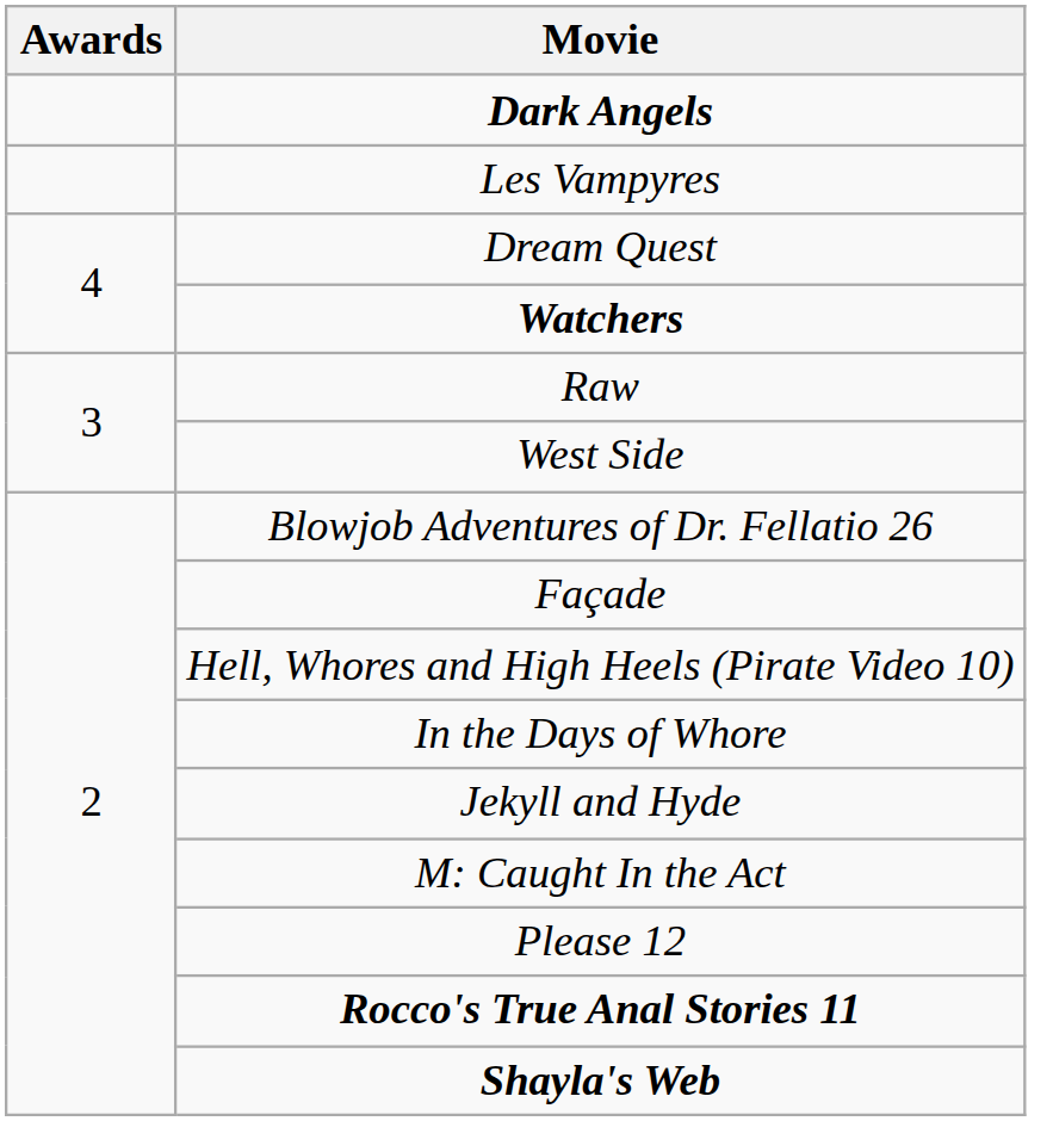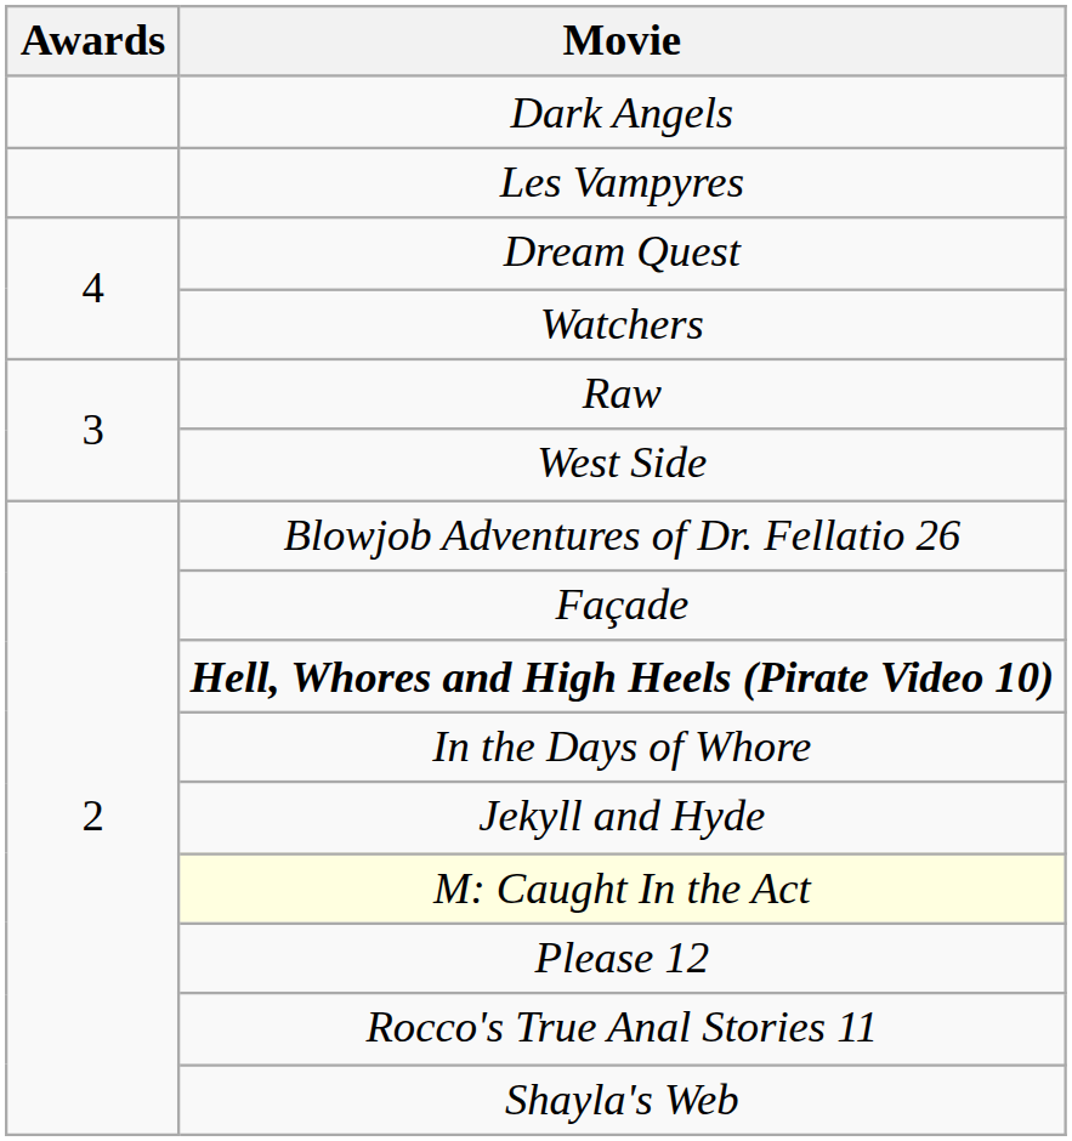 <table class="wikitable" style="text-align:center;">
 <tr>
 <th scope="col" width="55">Awards</th>
 <th scope="col" align="center">Movie</th>
 </tr>
 <tr>
 <td></td>
-<td><strong><em>Dark Angels</em></strong></td>
+<td><em>Dark Angels</em></td>
 </tr>
 <tr>
 <td></td>
 <td><em>Les Vampyres</em></td>
 </tr>
 <tr>
 <td rowspan=2 style="text-align:center">4</td>
 <td><em>Dream Quest</em></td>
 </tr>
 <tr>
-<td><strong><em>Watchers</em></strong></td>
+<td><em>Watchers</em></td>
 </tr>
 <tr>
 <td rowspan=2 style="text-align:center">3</td>
 <td><em>Raw</em></td>
 </tr>
 <tr>
 <td><em>West Side</em></td>
 </tr>
 <tr>
 <td rowspan=9 style="text-align:center">2</td>
 <td><em>Blowjob Adventures of Dr. Fellatio 26</em></td>
 </tr>
 <tr>
 <td><em>Façade</em></td>
 </tr>
 <tr>
-<td><em>Hell, Whores and High Heels (Pirate Video 10)</em></td>
+<td><strong><em>Hell, Whores and High Heels (Pirate Video 10)</em></strong></td>
 </tr>
 <tr>
 <td><em>In the Days of Whore</em></td>
 </tr>
 <tr>
 <td><em>Jekyll and Hyde</em></td>
 </tr>
 <tr>
-<td><em>M: Caught In the Act</em></td>
+<td style="background: lightyellow;"><em>M: Caught In the Act</em></td>
 </tr>
 <tr>
 <td><em>Please 12</em></td>
 </tr>
 <tr>
-<td><strong><em>Rocco's True Anal Stories 11</em></strong></td>
+<td><em>Rocco's True Anal Stories 11</em></td>
 </tr>
 <tr>
-<td><strong><em>Shayla's Web</em></strong></td>
+<td><em>Shayla's Web</em></td>
 </tr>
 </table>
